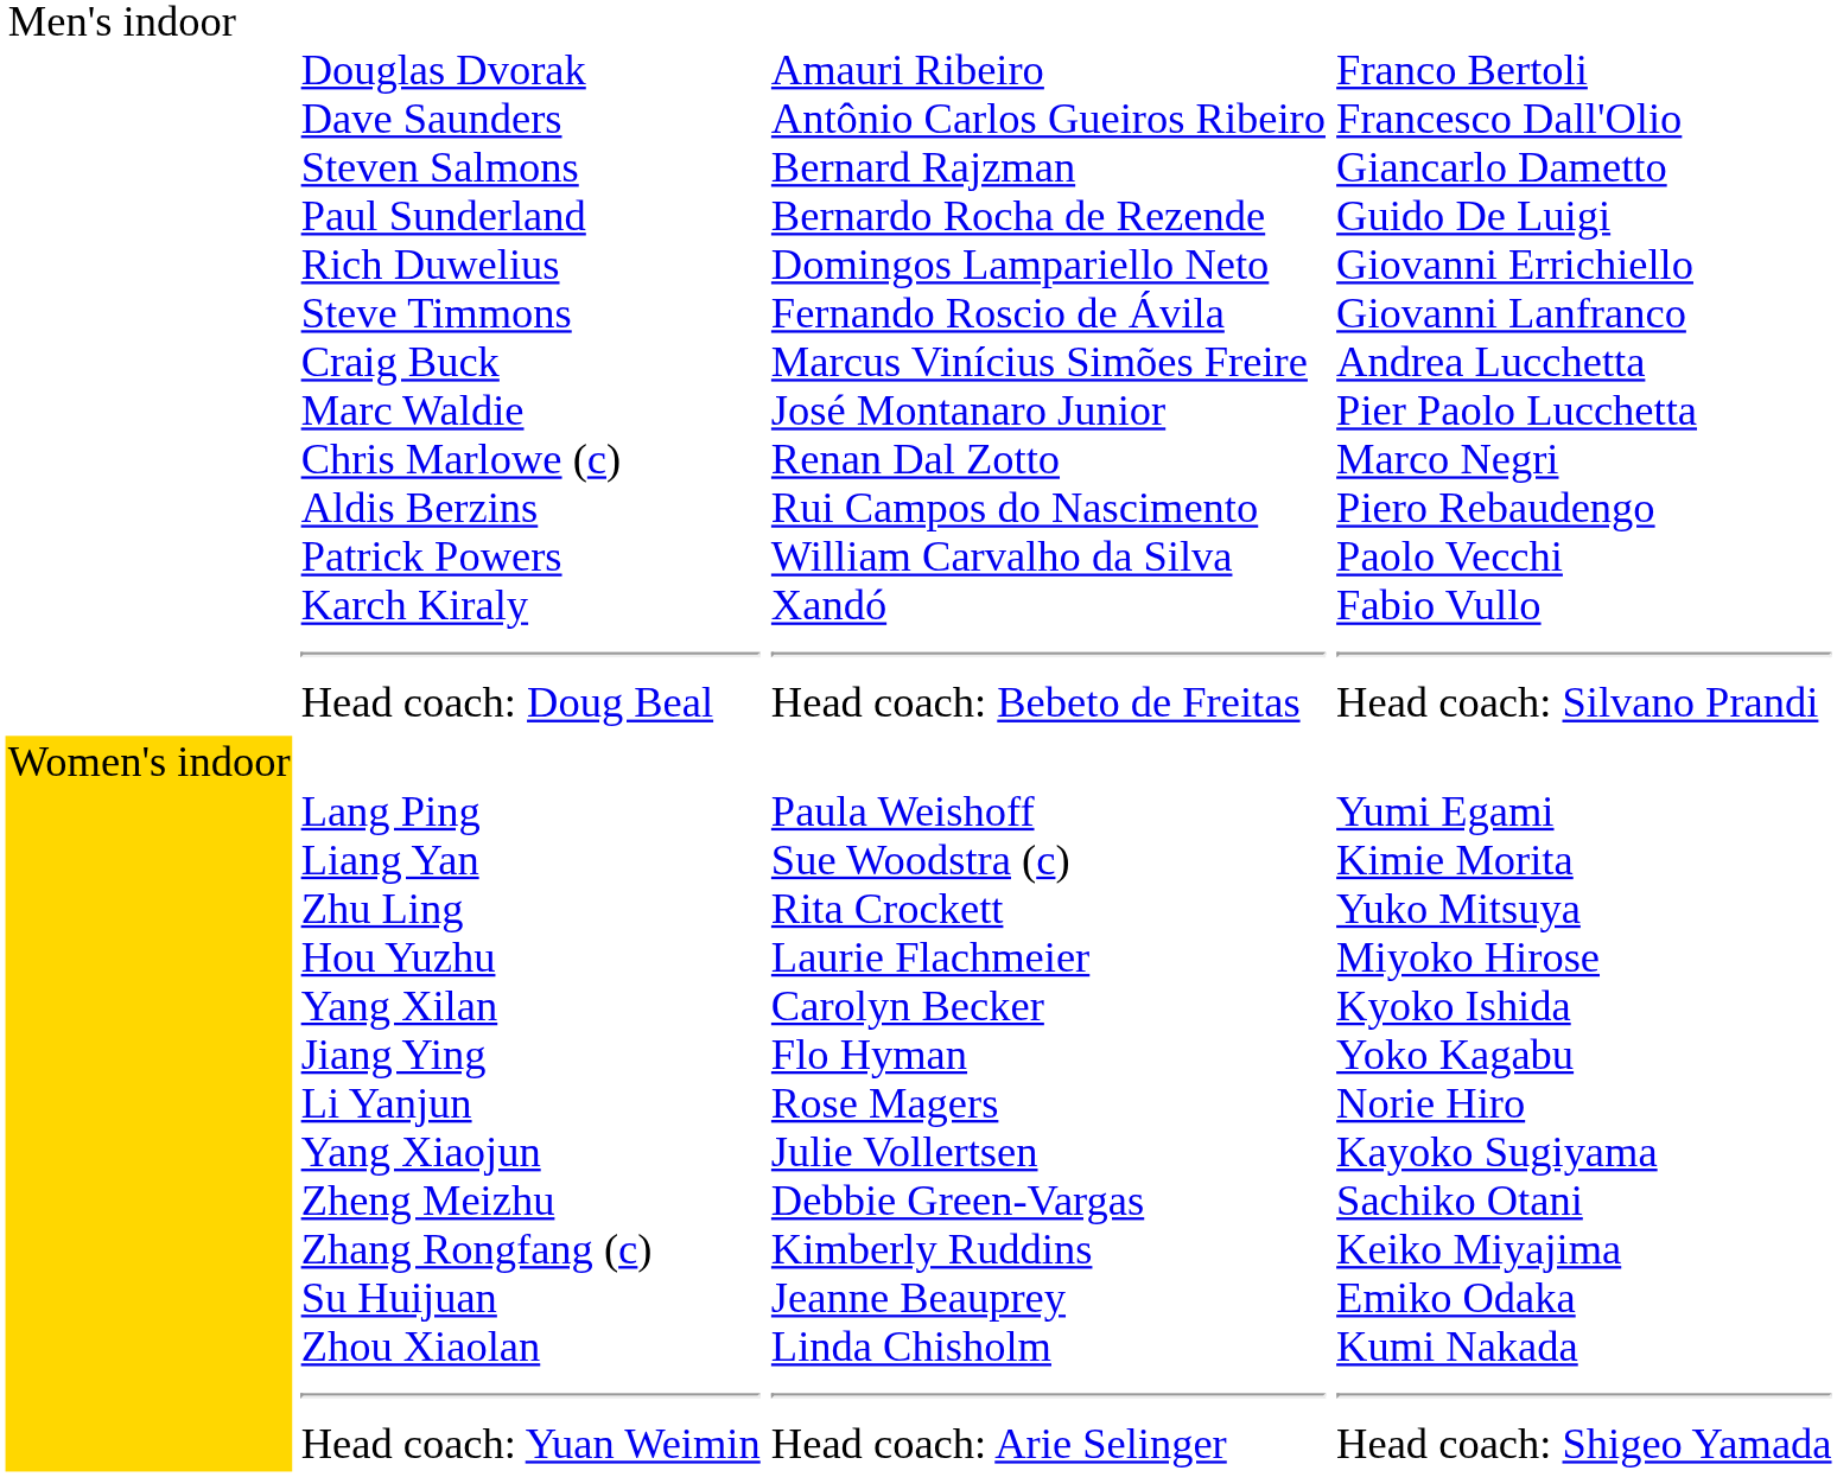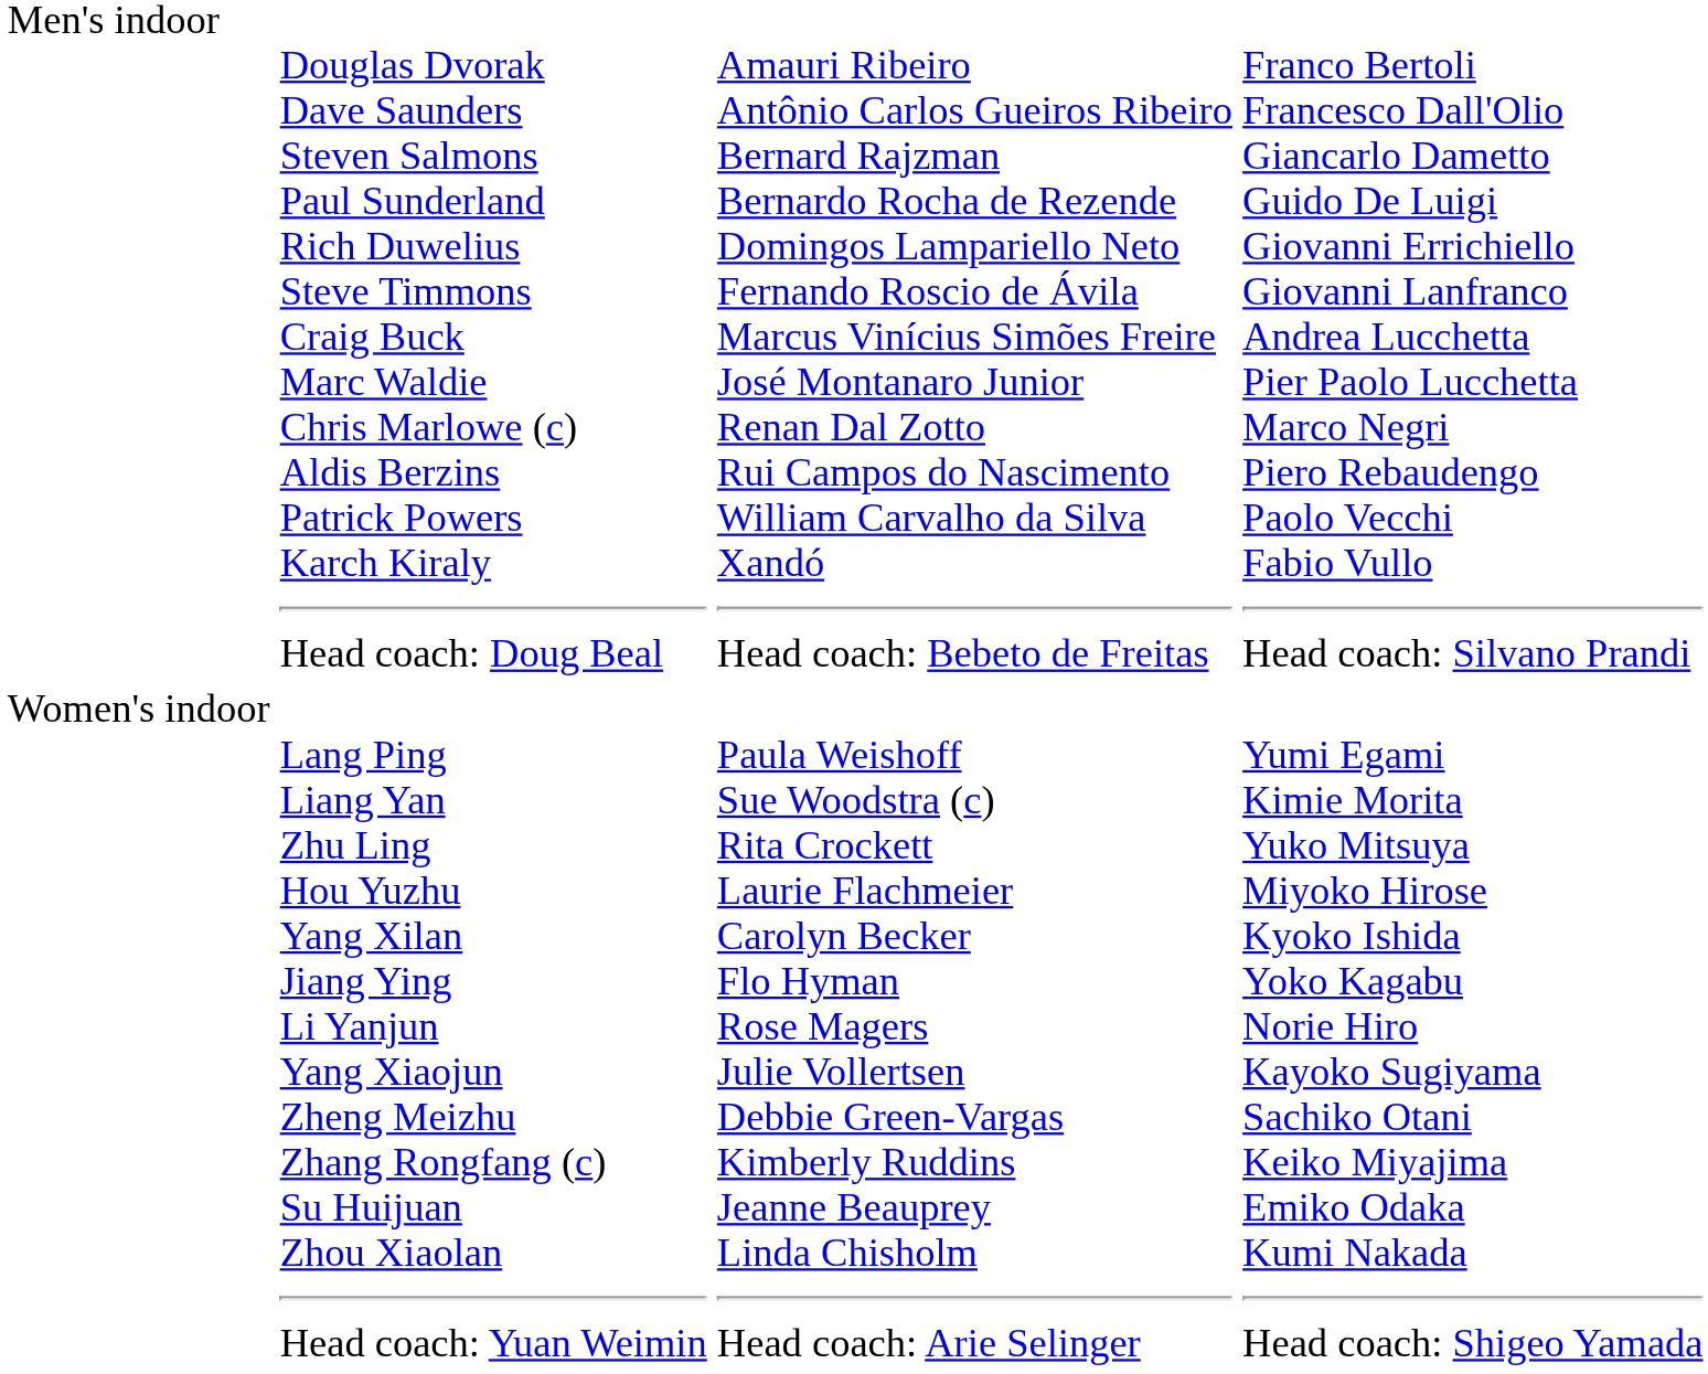 <table>
 <tr valign="top">
 <td>Men's indoor<br></td>
 <td valign=top><br><a href='#'>Douglas Dvorak</a><br><a href='#'>Dave Saunders</a><br><a href='#'>Steven Salmons</a><br><a href='#'>Paul Sunderland</a><br><a href='#'>Rich Duwelius</a><br><a href='#'>Steve Timmons</a><br><a href='#'>Craig Buck</a><br><a href='#'>Marc Waldie</a><br><a href='#'>Chris Marlowe</a>  (<a href='#'>c</a>)<br><a href='#'>Aldis Berzins</a><br><a href='#'>Patrick Powers</a><br><a href='#'>Karch Kiraly</a><br><hr>Head coach: <a href='#'>Doug Beal</a></td>
 <td valign=top><br><a href='#'>Amauri Ribeiro</a><br><a href='#'>Antônio Carlos Gueiros Ribeiro</a><br><a href='#'>Bernard Rajzman</a><br><a href='#'>Bernardo Rocha de Rezende</a><br><a href='#'>Domingos Lampariello Neto</a><br><a href='#'>Fernando Roscio de Ávila</a><br><a href='#'>Marcus Vinícius Simões Freire</a><br><a href='#'>José Montanaro Junior</a><br><a href='#'>Renan Dal Zotto</a><br><a href='#'>Rui Campos do Nascimento</a><br><a href='#'>William Carvalho da Silva</a><br><a href='#'>Xandó</a><br><hr>Head coach: <a href='#'>Bebeto de Freitas</a></td>
 <td valign=top><br><a href='#'>Franco Bertoli</a><br><a href='#'>Francesco Dall'Olio</a><br><a href='#'>Giancarlo Dametto</a><br><a href='#'>Guido De Luigi</a><br><a href='#'>Giovanni Errichiello</a><br><a href='#'>Giovanni Lanfranco</a><br><a href='#'>Andrea Lucchetta</a><br><a href='#'>Pier Paolo Lucchetta</a><br><a href='#'>Marco Negri</a><br><a href='#'>Piero Rebaudengo</a><br><a href='#'>Paolo Vecchi</a><br><a href='#'>Fabio Vullo</a><br><hr>Head coach: <a href='#'>Silvano Prandi</a></td>
 </tr>
 <tr valign="top">
-<td style="background: gold;">Women's indoor<br></td>
+<td>Women's indoor<br></td>
 <td valign=top> <br><a href='#'>Lang Ping</a><br><a href='#'>Liang Yan</a><br><a href='#'>Zhu Ling</a><br><a href='#'>Hou Yuzhu</a><br><a href='#'>Yang Xilan</a><br><a href='#'>Jiang Ying</a><br><a href='#'>Li Yanjun</a><br><a href='#'>Yang Xiaojun</a><br><a href='#'>Zheng Meizhu</a><br><a href='#'>Zhang Rongfang</a> (<a href='#'>c</a>)<br><a href='#'>Su Huijuan</a><br><a href='#'>Zhou Xiaolan</a><br><hr>Head coach: <a href='#'>Yuan Weimin</a></td>
 <td valign=top> <br><a href='#'>Paula Weishoff</a><br><a href='#'>Sue Woodstra</a> (<a href='#'>c</a>)<br><a href='#'>Rita Crockett</a><br><a href='#'>Laurie Flachmeier</a><br><a href='#'>Carolyn Becker</a><br><a href='#'>Flo Hyman</a><br><a href='#'>Rose Magers</a><br><a href='#'>Julie Vollertsen</a><br><a href='#'>Debbie Green-Vargas</a><br><a href='#'>Kimberly Ruddins</a><br><a href='#'>Jeanne Beauprey</a><br><a href='#'>Linda Chisholm</a><br><hr>Head coach: <a href='#'>Arie Selinger</a></td>
 <td valign=top> <br><a href='#'>Yumi Egami</a><br><a href='#'>Kimie Morita</a><br><a href='#'>Yuko Mitsuya</a><br><a href='#'>Miyoko Hirose</a><br><a href='#'>Kyoko Ishida</a><br><a href='#'>Yoko Kagabu</a><br><a href='#'>Norie Hiro</a><br><a href='#'>Kayoko Sugiyama</a><br><a href='#'>Sachiko Otani</a><br><a href='#'>Keiko Miyajima</a><br><a href='#'>Emiko Odaka</a><br><a href='#'>Kumi Nakada</a><br><hr>Head coach: <a href='#'>Shigeo Yamada</a></td>
 </tr>
 </table>
